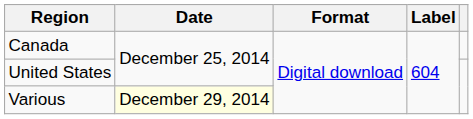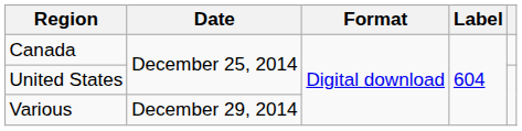 <table class="wikitable">
 <tr>
 <th scope="col">Region</th>
 <th scope="col">Date</th>
 <th scope="col">Format</th>
 <th scope="col">Label</th>
 <th scope="col"></th>
 </tr>
 <tr>
 <td>Canada</td>
 <td rowspan="2">December 25, 2014</td>
 <td rowspan="3"><a href='#'>Digital download</a></td>
 <td rowspan="3"><a href='#'>604</a></td>
 <td align="center"></td>
 </tr>
 <tr>
 <td>United States</td>
 <td align="center" rowspan="2"></td>
 </tr>
 <tr>
 <td>Various</td>
-<td style="background: lightyellow;">December 29, 2014</td>
+<td>December 29, 2014</td>
 </tr>
 </table>
